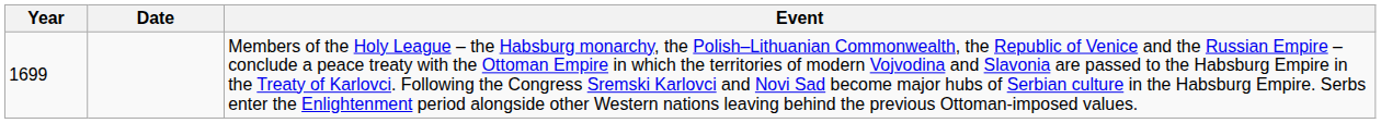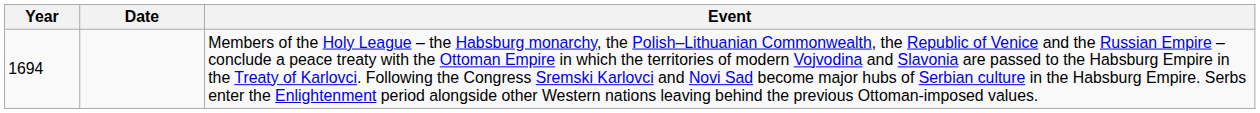 <table class="wikitable" width="100%">
 <tr>
 <th style="width:6%">Year</th>
 <th style="width:10%">Date</th>
 <th>Event</th>
 </tr>
 <tr>
-<td>1699</td>
+<td>1694</td>
 <td></td>
 <td>Members of the <a href='#'>Holy League</a> – the <a href='#'>Habsburg monarchy</a>, the <a href='#'>Polish–Lithuanian Commonwealth</a>, the <a href='#'>Republic of Venice</a> and the <a href='#'>Russian Empire</a> – conclude a peace treaty with the <a href='#'>Ottoman Empire</a> in which the territories of modern <a href='#'>Vojvodina</a> and <a href='#'>Slavonia</a> are passed to the Habsburg Empire in the <a href='#'>Treaty of Karlovci</a>. Following the Congress <a href='#'>Sremski Karlovci</a> and <a href='#'>Novi Sad</a> become major hubs of <a href='#'>Serbian culture</a> in the Habsburg Empire. Serbs enter the <a href='#'>Enlightenment</a> period alongside other Western nations leaving behind the previous Ottoman-imposed values.</td>
 </tr>
 </table>
